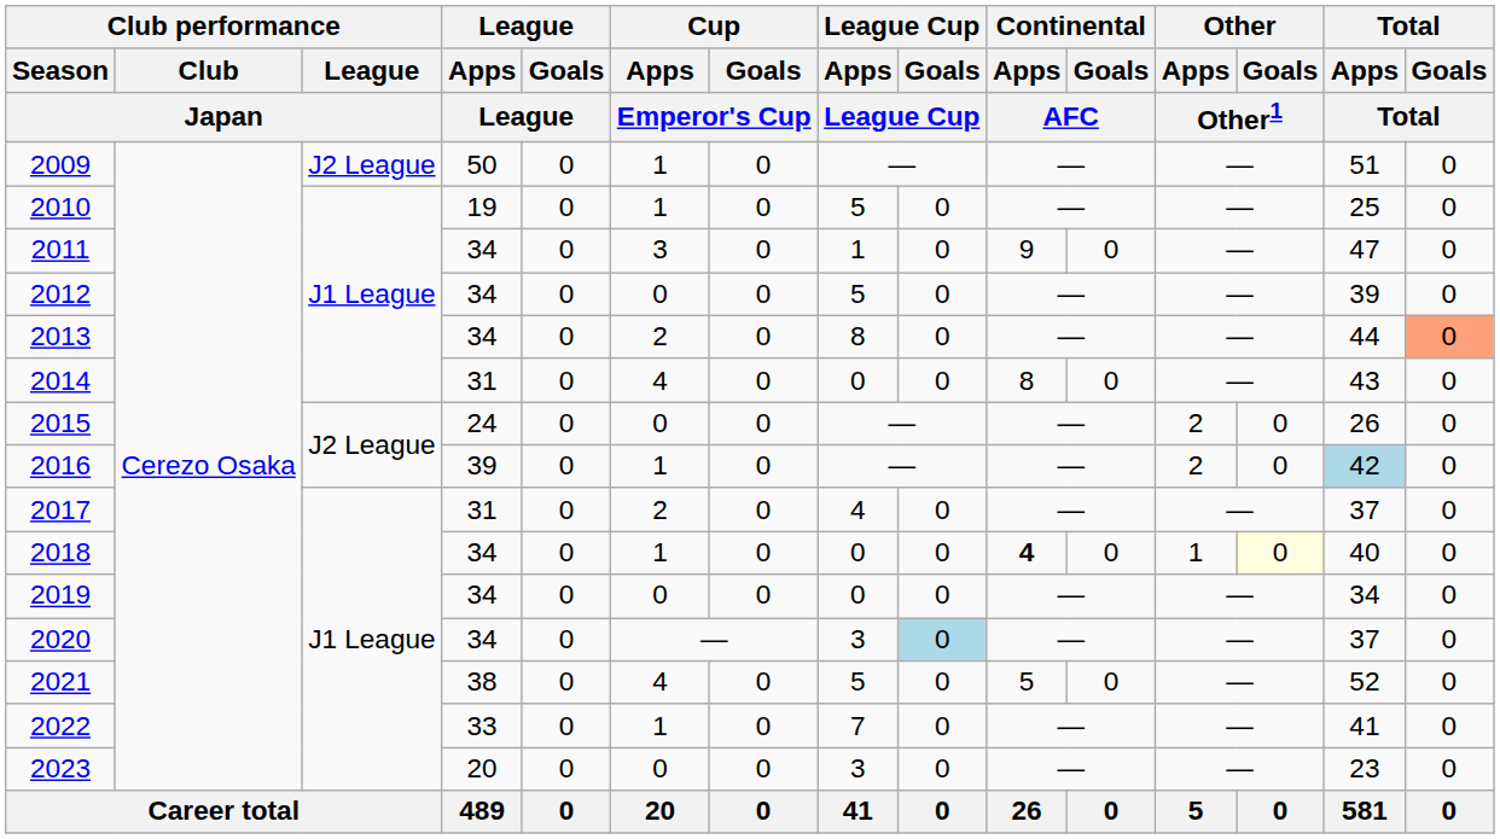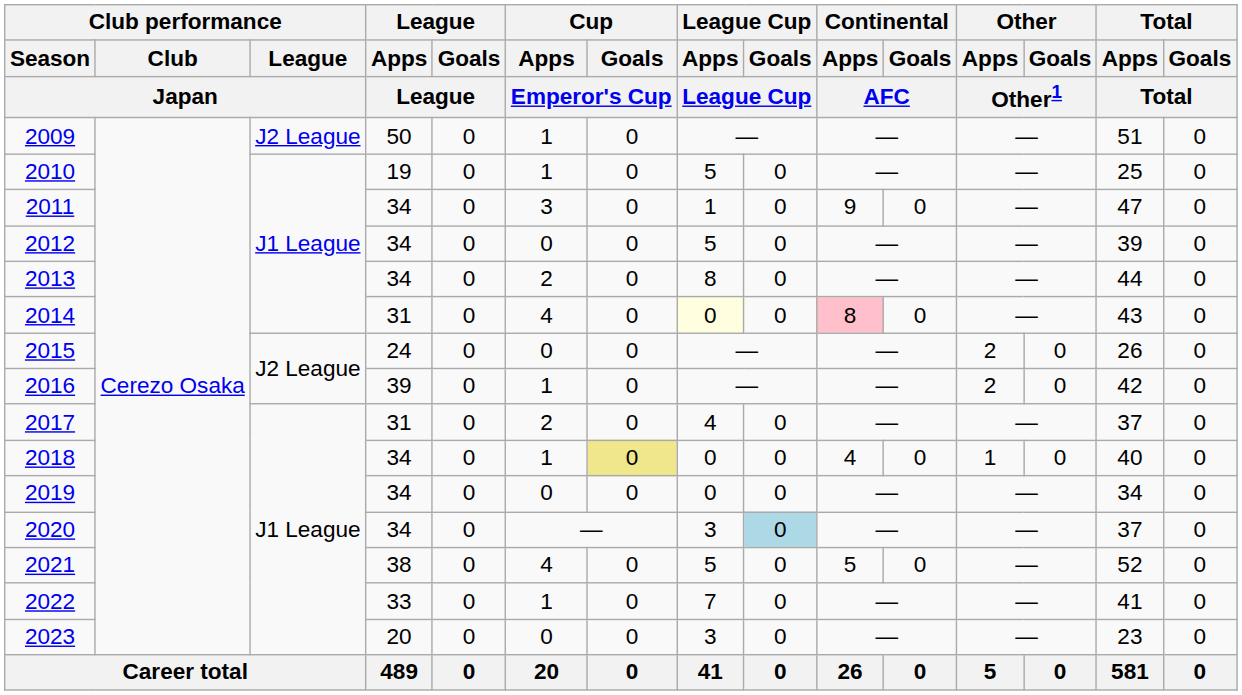 <table class="wikitable" style="text-align:center">
 <tr>
 <th colspan=3>Club performance</th>
 <th colspan=2>League</th>
 <th colspan=2>Cup</th>
 <th colspan=2>League Cup</th>
 <th colspan=2>Continental</th>
 <th colspan=2>Other</th>
 <th colspan=2>Total</th>
 </tr>
 <tr>
 <th>Season</th>
 <th>Club</th>
 <th>League</th>
 <th>Apps</th>
 <th>Goals</th>
 <th>Apps</th>
 <th>Goals</th>
 <th>Apps</th>
 <th>Goals</th>
 <th>Apps</th>
 <th>Goals</th>
 <th>Apps</th>
 <th>Goals</th>
 <th>Apps</th>
 <th>Goals</th>
 </tr>
 <tr>
 <th colspan=3>Japan</th>
 <th colspan=2>League</th>
 <th colspan=2><a href='#'>Emperor's Cup</a></th>
 <th colspan=2><a href='#'>League Cup</a></th>
 <th colspan=2><a href='#'>AFC</a></th>
 <th colspan="2">Other<sup><a href='#'>1</a></sup></th>
 <th colspan=2>Total</th>
 </tr>
 <tr>
 <td><a href='#'>2009</a></td>
 <td rowspan="15"><a href='#'>Cerezo Osaka</a></td>
 <td rowspan="1"><a href='#'>J2 League</a></td>
 <td>50</td>
 <td>0</td>
 <td>1</td>
 <td>0</td>
 <td colspan="2">—</td>
 <td colspan="2">—</td>
 <td colspan="2">—</td>
 <td>51</td>
 <td>0</td>
 </tr>
 <tr>
 <td><a href='#'>2010</a></td>
 <td rowspan="5"><a href='#'>J1 League</a></td>
 <td>19</td>
 <td>0</td>
 <td>1</td>
 <td>0</td>
 <td>5</td>
 <td>0</td>
 <td colspan="2">—</td>
 <td colspan="2">—</td>
 <td>25</td>
 <td>0</td>
 </tr>
 <tr>
 <td><a href='#'>2011</a></td>
 <td>34</td>
 <td>0</td>
 <td>3</td>
 <td>0</td>
 <td>1</td>
 <td>0</td>
 <td>9</td>
 <td>0</td>
 <td colspan="2">—</td>
 <td>47</td>
 <td>0</td>
 </tr>
 <tr>
 <td><a href='#'>2012</a></td>
 <td>34</td>
 <td>0</td>
 <td>0</td>
 <td>0</td>
 <td>5</td>
 <td>0</td>
 <td colspan="2">—</td>
 <td colspan="2">—</td>
 <td>39</td>
 <td>0</td>
 </tr>
 <tr>
 <td><a href='#'>2013</a></td>
 <td>34</td>
 <td>0</td>
 <td>2</td>
 <td>0</td>
 <td>8</td>
 <td>0</td>
 <td colspan="2">—</td>
 <td colspan="2">—</td>
 <td>44</td>
-<td style="background: lightsalmon;">0</td>
+<td>0</td>
 </tr>
 <tr>
 <td><a href='#'>2014</a></td>
 <td>31</td>
 <td>0</td>
 <td>4</td>
 <td>0</td>
+<td style="background: lightyellow;">0</td>
 <td>0</td>
-<td>0</td>
-<td>8</td>
+<td style="background: pink;">8</td>
 <td>0</td>
 <td colspan="2">—</td>
 <td>43</td>
 <td>0</td>
 </tr>
 <tr>
 <td><a href='#'>2015</a></td>
 <td rowspan="2">J2 League</td>
 <td>24</td>
 <td>0</td>
 <td>0</td>
 <td>0</td>
 <td colspan="2">—</td>
 <td colspan="2">—</td>
 <td>2</td>
 <td>0</td>
 <td>26</td>
 <td>0</td>
 </tr>
 <tr>
 <td><a href='#'>2016</a></td>
 <td>39</td>
 <td>0</td>
 <td>1</td>
 <td>0</td>
 <td colspan="2">—</td>
 <td colspan="2">—</td>
 <td>2</td>
 <td>0</td>
-<td style="background: lightblue;">42</td>
+<td>42</td>
 <td>0</td>
 </tr>
 <tr>
 <td><a href='#'>2017</a></td>
 <td rowspan="7">J1 League</td>
 <td>31</td>
 <td>0</td>
 <td>2</td>
 <td>0</td>
 <td>4</td>
 <td>0</td>
 <td colspan="2">—</td>
 <td colspan="2">—</td>
 <td>37</td>
 <td>0</td>
 </tr>
 <tr>
 <td><a href='#'>2018</a></td>
 <td>34</td>
 <td>0</td>
 <td>1</td>
+<td style="background: khaki;">0</td>
 <td>0</td>
 <td>0</td>
-<td>0</td>
-<td><strong>4</strong></td>
+<td>4</td>
 <td>0</td>
 <td>1</td>
-<td style="background: lightyellow;">0</td>
+<td>0</td>
 <td>40</td>
 <td>0</td>
 </tr>
 <tr>
 <td><a href='#'>2019</a></td>
 <td>34</td>
 <td>0</td>
 <td>0</td>
 <td>0</td>
 <td>0</td>
 <td>0</td>
 <td colspan="2">—</td>
 <td colspan="2">—</td>
 <td>34</td>
 <td>0</td>
 </tr>
 <tr>
 <td><a href='#'>2020</a></td>
 <td>34</td>
 <td>0</td>
 <td colspan="2">—</td>
 <td>3</td>
 <td style="background: lightblue;">0</td>
 <td colspan="2">—</td>
 <td colspan="2">—</td>
 <td>37</td>
 <td>0</td>
 </tr>
 <tr>
 <td><a href='#'>2021</a></td>
 <td>38</td>
 <td>0</td>
 <td>4</td>
 <td>0</td>
 <td>5</td>
 <td>0</td>
 <td>5</td>
 <td>0</td>
 <td colspan="2">—</td>
 <td>52</td>
 <td>0</td>
 </tr>
 <tr>
 <td><a href='#'>2022</a></td>
 <td>33</td>
 <td>0</td>
 <td>1</td>
 <td>0</td>
 <td>7</td>
 <td>0</td>
 <td colspan="2">—</td>
 <td colspan="2">—</td>
 <td>41</td>
 <td>0</td>
 </tr>
 <tr>
 <td><a href='#'>2023</a></td>
 <td>20</td>
 <td>0</td>
 <td>0</td>
 <td>0</td>
 <td>3</td>
 <td>0</td>
 <td colspan="2">—</td>
 <td colspan="2">—</td>
 <td>23</td>
 <td>0</td>
 </tr>
 <tr>
 <th colspan="3">Career total</th>
 <th>489</th>
 <th>0</th>
 <th>20</th>
 <th>0</th>
 <th>41</th>
 <th>0</th>
 <th>26</th>
 <th>0</th>
 <th>5</th>
 <th>0</th>
 <th>581</th>
 <th>0</th>
 </tr>
 </table>
